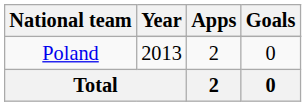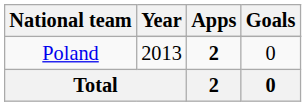 <table class="wikitable" style="text-align:center">
 <tr>
 <th>National team</th>
 <th>Year</th>
 <th>Apps</th>
 <th>Goals</th>
 </tr>
 <tr>
 <td rowspan=2><a href='#'>Poland</a></td>
 </tr>
 <tr>
 <td>2013</td>
-<td>2</td>
+<td><strong>2</strong></td>
 <td>0</td>
 </tr>
 <tr>
 <th colspan="2">Total</th>
 <th>2</th>
 <th>0</th>
 </tr>
 </table>
